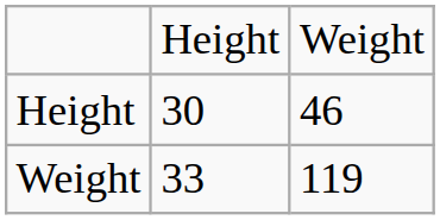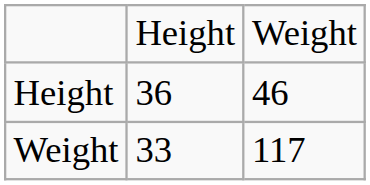 <table class="wikitable">
 <tr>
 <td></td>
 <td>Height</td>
 <td>Weight</td>
 </tr>
 <tr>
 <td>Height</td>
-<td>30</td>
+<td>36</td>
 <td>46</td>
 </tr>
 <tr>
 <td>Weight</td>
 <td>33</td>
-<td>119</td>
+<td>117</td>
 </tr>
 </table>
